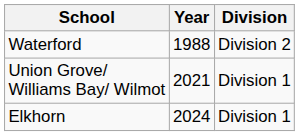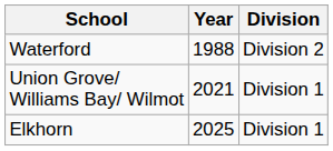 <table class="wikitable">
 <tr>
 <th>School</th>
 <th>Year</th>
 <th>Division</th>
 </tr>
 <tr>
 <td>Waterford</td>
 <td>1988</td>
 <td>Division 2</td>
 </tr>
 <tr>
 <td>Union Grove/<br>Williams Bay/ Wilmot</td>
 <td>2021</td>
 <td>Division 1</td>
 </tr>
 <tr>
 <td>Elkhorn</td>
-<td>2024</td>
+<td>2025</td>
 <td>Division 1</td>
 </tr>
 </table>
